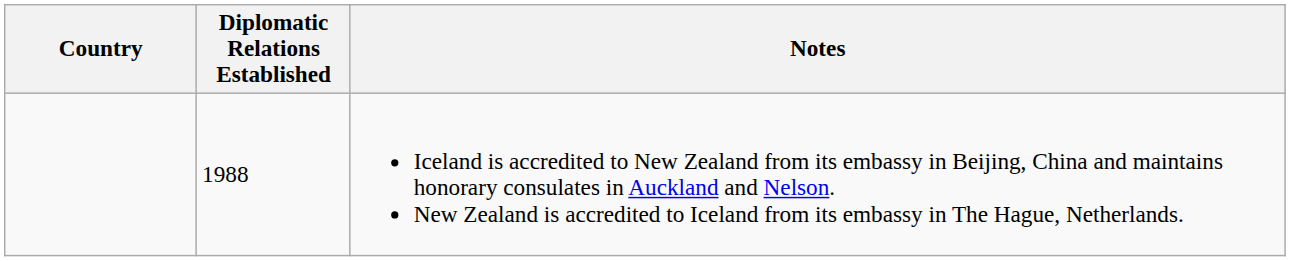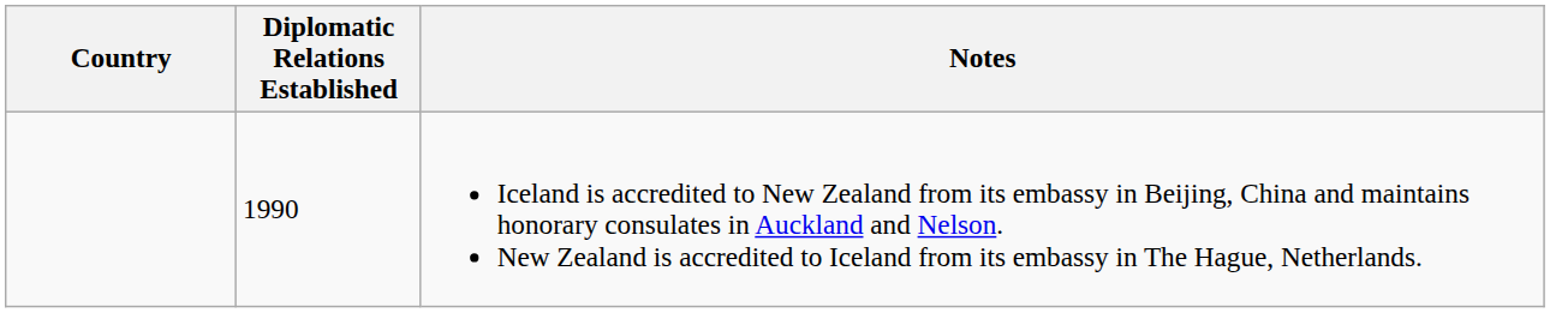 <table class="wikitable sortable" style="width:100%; margin:auto;">
 <tr>
 <th style="width:15%;">Country</th>
 <th style="width:12%;">Diplomatic Relations Established</th>
 <th>Notes</th>
 </tr>
 <tr -valign="top">
 <td></td>
-<td>1988</td>
+<td>1990</td>
 <td><br><ul><li>Iceland is accredited to New Zealand from its embassy in Beijing, China and maintains honorary consulates in <a href='#'>Auckland</a> and <a href='#'>Nelson</a>.</li><li>New Zealand is accredited to Iceland from its embassy in The Hague, Netherlands.</li></ul></td>
 </tr>
 </table>
